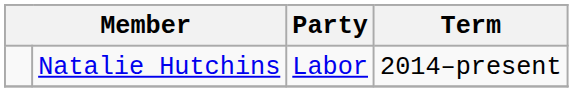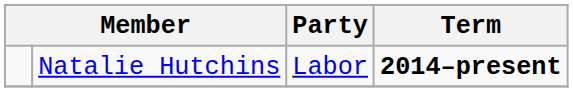 <table class="wikitable">
 <tr>
 <th colspan="2">Member</th>
 <th>Party</th>
 <th>Term</th>
 </tr>
 <tr>
 <td> </td>
 <td><a href='#'>Natalie Hutchins</a></td>
 <td><a href='#'>Labor</a></td>
-<td>2014–present</td>
+<td><strong>2014–present</strong></td>
 </tr>
 <tr>
 </tr>
 </table>
